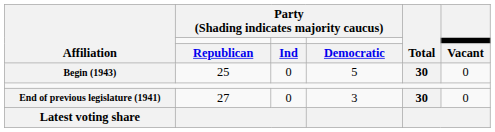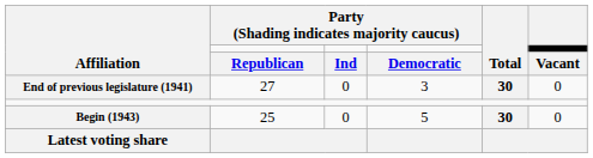 <table class=wikitable style="text-align:center; width:50%">
 <tr style="vertical-align:bottom;">
 <th rowspan=3>Affiliation</th>
 <th colspan=3>Party <div>(Shading indicates majority caucus)</div></th>
 <th rowspan=3>Total</th>
 <th></th>
 </tr>
 <tr style="height:5px">
 <td style="background-color:"></td>
 <td style="background-color:"></td>
 <td style="background-color:"></td>
 <td style="background-color:black"></td>
 </tr>
 <tr>
 <th><a href='#'>Republican</a></th>
 <th><a href='#'>Ind</a></th>
 <th><a href='#'>Democratic</a></th>
 <th>Vacant</th>
 </tr>
 <tr>
-<th nowrap style="font-size:80%">Begin (1943)</th>
-<td>25</td>
+<th nowrap style="font-size:80%">End of previous legislature (1941)</th>
+<td>27</td>
 <td>0</td>
-<td>5</td>
+<td>3</td>
 <th>30</th>
 <td>0</td>
 </tr>
 <tr>
 <td colspan=6></td>
 </tr>
 <tr>
-<th nowrap style="font-size:80%">End of previous legislature (1941)</th>
-<td>27</td>
+<th nowrap style="font-size:80%">Begin (1943)</th>
+<td>25</td>
 <td>0</td>
-<td>3</td>
+<td>5</td>
 <th>30</th>
 <td>0</td>
 </tr>
 <tr>
 <th>Latest voting share</th>
 <th colspan=2 ></th>
 <th></th>
 <th colspan=2></th>
 </tr>
 </table>
